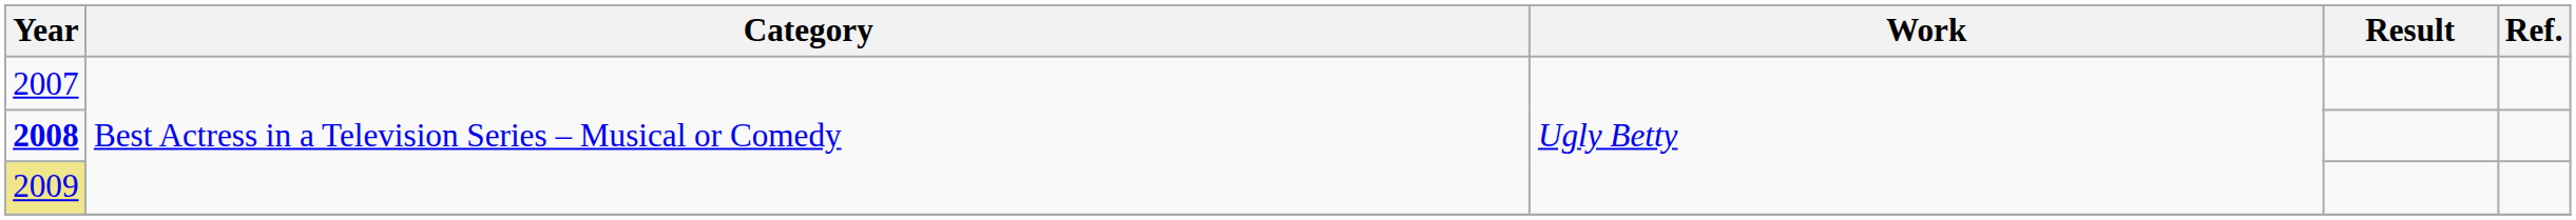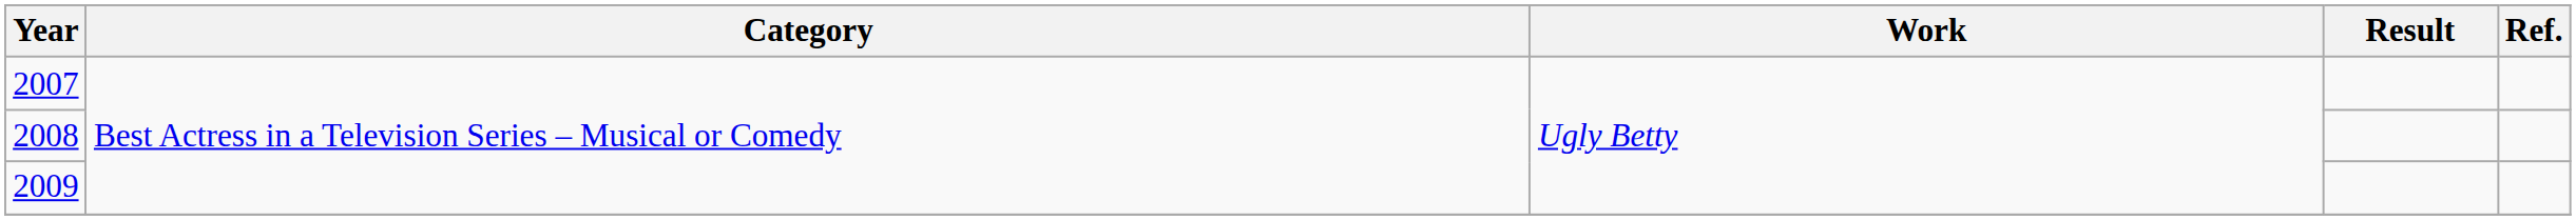 <table class=wikitable>
 <tr>
 <th scope="col" style="width:1em;">Year</th>
 <th scope="col" style="width:46em;">Category</th>
 <th scope="col" style="width:25em;">Work</th>
 <th scope="col" style="width:5em;">Result</th>
 <th>Ref.</th>
 </tr>
 <tr>
 <td><a href='#'>2007</a></td>
 <td rowspan="3"><a href='#'>Best Actress in a Television Series – Musical or Comedy</a></td>
 <td rowspan="3"><em><a href='#'>Ugly Betty</a></em></td>
 <td></td>
 <td></td>
 </tr>
 <tr>
-<td><strong><a href='#'>2008</a></strong></td>
+<td><a href='#'>2008</a></td>
 <td></td>
 <td></td>
 </tr>
 <tr>
-<td style="background: khaki;"><a href='#'>2009</a></td>
+<td><a href='#'>2009</a></td>
 <td></td>
 <td></td>
 </tr>
 <tr>
 </tr>
 </table>
